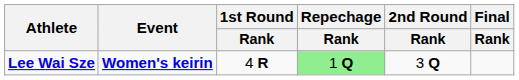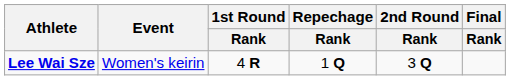 <table class="wikitable" border="1" style="font-size:90%">
 <tr>
 <th rowspan="2">Athlete</th>
 <th rowspan="2">Event</th>
 <th>1st Round</th>
 <th>Repechage</th>
 <th>2nd Round</th>
 <th>Final</th>
 </tr>
 <tr style="font-size:95%">
 <th>Rank</th>
 <th>Rank</th>
 <th>Rank</th>
 <th>Rank</th>
 </tr>
 <tr align=center>
 <td align=left><strong><a href='#'>Lee Wai Sze</a></strong></td>
-<td align=left><strong><a href='#'>Women's keirin</a></strong></td>
+<td align=left><a href='#'>Women's keirin</a></td>
 <td>4 <strong>R</strong></td>
-<td style="background: lightgreen;">1 <strong>Q</strong></td>
+<td>1 <strong>Q</strong></td>
 <td>3 <strong>Q</strong></td>
 <td></td>
 </tr>
 </table>
